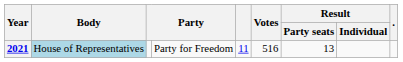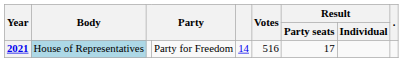 <table class="wikitable plainrowheaders sortable" border=2 cellpadding=4 cellspacing=0 style="border: 1px #aaa solid; font-size: 90%; text-align:center;">
 <tr>
 <th scope="col" rowspan=2>Year</th>
 <th scope="col" rowspan=2>Body</th>
 <th scope="col" colspan=2 rowspan=2>Party</th>
 <th scope="col" rowspan=2></th>
 <th scope="col" rowspan=2>Votes</th>
 <th scope="colgroup" colspan=2>Result</th>
 <th scope="col" rowspan=2 class="unsortable">.</th>
 </tr>
 <tr>
 <th scope="col">Party seats</th>
 <th scope="col">Individual</th>
 </tr>
 <tr>
 <th scope="row"><a href='#'>2021</a></th>
 <td style="background: lightblue;">House of Representatives</td>
 <td style="background-color:"></td>
 <td>Party for Freedom</td>
-<td style=text-align:right><a href='#'>11</a></td>
+<td style=text-align:right><a href='#'>14</a></td>
 <td style=text-align:right>516</td>
-<td style=text-align:right>13</td>
+<td style=text-align:right>17</td>
 <td></td>
 <td></td>
 </tr>
 </table>
